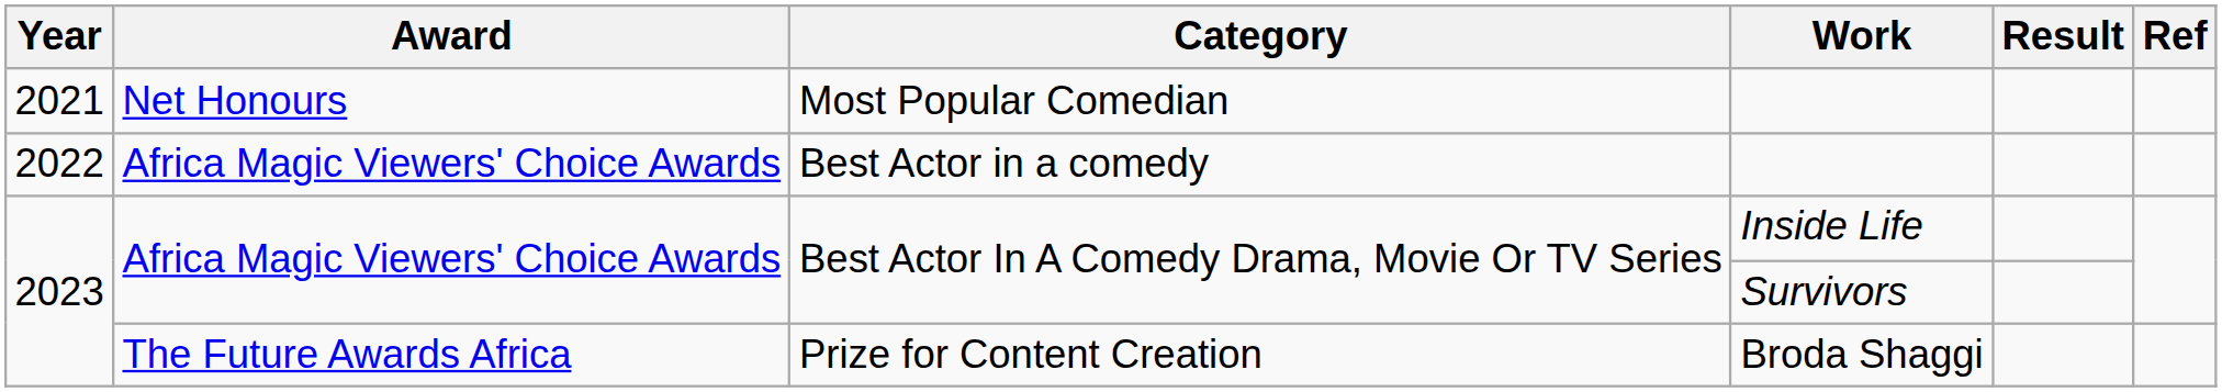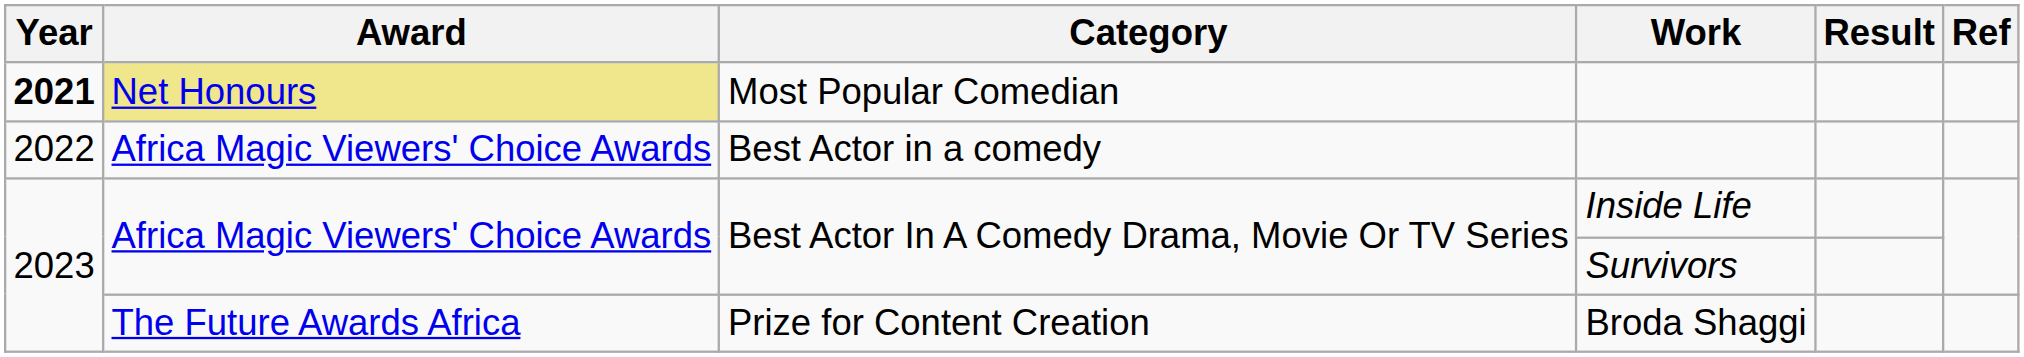 <table class="wikitable">
 <tr>
 <th>Year</th>
 <th>Award</th>
 <th>Category</th>
 <th>Work</th>
 <th>Result</th>
 <th>Ref</th>
 </tr>
 <tr>
-<td>2021</td>
-<td><a href='#'>Net Honours</a></td>
+<td><strong>2021</strong></td>
+<td style="background: khaki;"><a href='#'>Net Honours</a></td>
 <td>Most Popular Comedian</td>
 <td></td>
 <td></td>
 <td></td>
 </tr>
 <tr>
 <td>2022</td>
 <td><a href='#'>Africa Magic Viewers' Choice Awards</a></td>
 <td>Best Actor in a comedy</td>
 <td></td>
 <td></td>
 <td></td>
 </tr>
 <tr>
 <td rowspan="3">2023</td>
 <td rowspan="2"><a href='#'>Africa Magic Viewers' Choice Awards</a></td>
 <td rowspan="2">Best Actor In A Comedy Drama, Movie Or TV Series</td>
 <td><em>Inside Life</em></td>
 <td></td>
 <td rowspan="2"></td>
 </tr>
 <tr>
 <td><em>Survivors</em></td>
 <td></td>
 </tr>
 <tr>
 <td><a href='#'>The Future Awards Africa</a></td>
 <td>Prize for Content Creation</td>
 <td rowspan="1">Broda Shaggi</td>
 <td></td>
 <td></td>
 </tr>
 </table>
